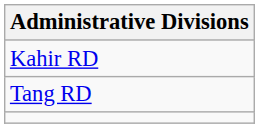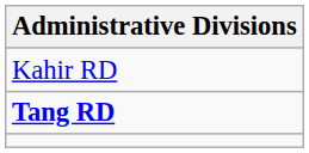 <table class="wikitable">
 <tr>
 <th>Administrative Divisions</th>
 </tr>
 <tr>
 <td><a href='#'>Kahir RD</a></td>
 </tr>
 <tr>
-<td><a href='#'>Tang RD</a></td>
+<td><strong><a href='#'>Tang RD</a></strong></td>
 </tr>
 <tr>
 <td colspan=1></td>
 </tr>
 </table>
